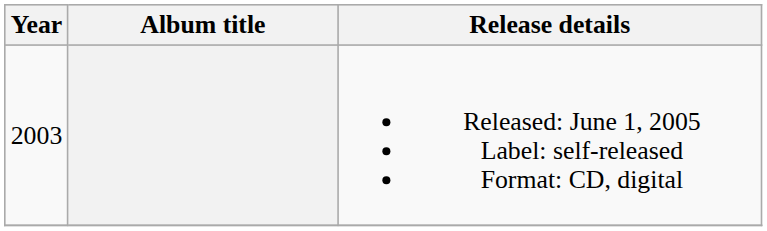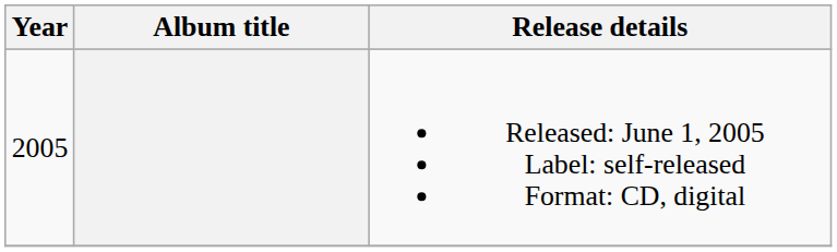 <table class="wikitable plainrowheaders" style="text-align:center;">
 <tr>
 <th>Year</th>
 <th scope="col" rowspan="1" style="width:10em;">Album title</th>
 <th scope="col" rowspan="1" style="width:16em;">Release details</th>
 </tr>
 <tr>
-<td>2003</td>
+<td>2005</td>
 <th></th>
 <td><br><ul><li>Released: June 1, 2005</li><li>Label: self-released</li><li>Format: CD, digital</li></ul></td>
 </tr>
 <tr>
 </tr>
 </table>
